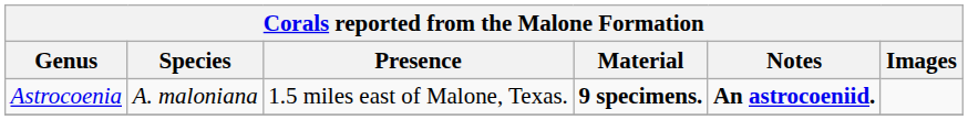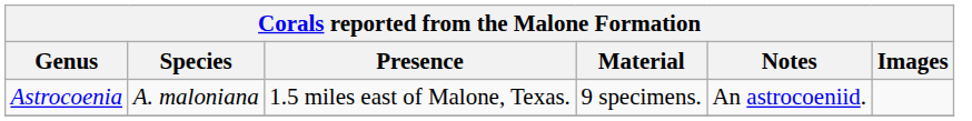 <table class="wikitable" align="center">
 <tr>
 <th colspan="6" align="center"><strong><a href='#'>Corals</a> reported from the Malone Formation</strong></th>
 </tr>
 <tr>
 <th>Genus</th>
 <th>Species</th>
 <th>Presence</th>
 <th><strong>Material</strong></th>
 <th>Notes</th>
 <th>Images</th>
 </tr>
 <tr>
 <td><em><a href='#'>Astrocoenia</a></em></td>
 <td><em>A. maloniana</em></td>
 <td>1.5 miles east of Malone, Texas.</td>
-<td><strong>9 specimens.</strong></td>
-<td><strong>An <a href='#'>astrocoeniid</a>.</strong></td>
+<td>9 specimens.</td>
+<td>An <a href='#'>astrocoeniid</a>.</td>
 <td></td>
 </tr>
 <tr>
 </tr>
 </table>
